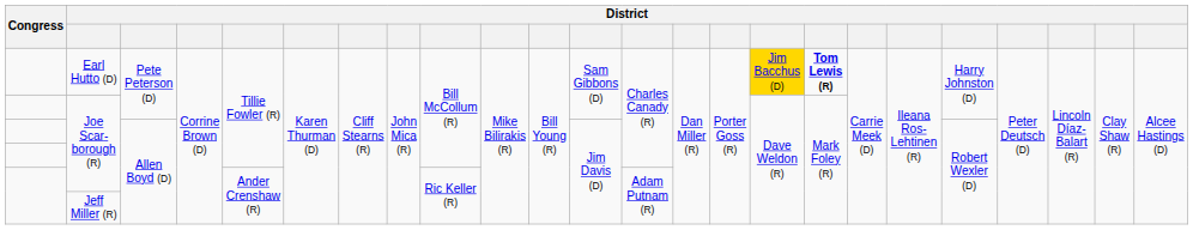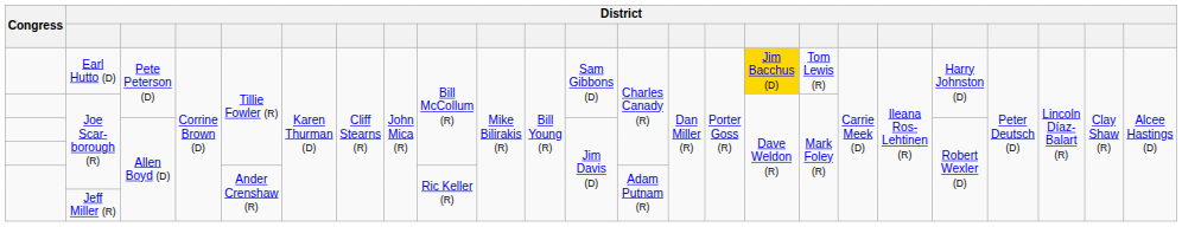 <table class=wikitable style="text-align:center">
 <tr>
 <th rowspan=2>Congress</th>
 <th colspan=23>District</th>
 </tr>
 <tr style="height:2em">
 <th></th>
 <th></th>
 <th></th>
 <th></th>
 <th></th>
 <th></th>
 <th></th>
 <th></th>
 <th></th>
 <th></th>
 <th></th>
 <th></th>
 <th></th>
 <th></th>
 <th></th>
 <th></th>
 <th></th>
 <th></th>
 <th></th>
 <th></th>
 <th></th>
 <th></th>
 <th></th>
 </tr>
 <tr style="height:2em">
 <td><strong></strong><br></td>
 <td><a href='#'>Earl<br>Hutto</a> <small>(D)</small></td>
 <td rowspan=2 ><a href='#'>Pete<br>Peterson</a> <small>(D)</small></td>
 <td rowspan=6 ><a href='#'>Corrine<br>Brown</a> <small>(D)</small></td>
 <td rowspan=4 ><a href='#'>Tillie<br>Fowler</a> <small>(R)</small></td>
 <td rowspan=6 ><a href='#'>Karen<br>Thurman</a> <small>(D)</small></td>
 <td rowspan=6 ><a href='#'>Cliff<br>Stearns</a> <small>(R)</small></td>
 <td rowspan=6 ><a href='#'>John<br>Mica</a> <small>(R)</small></td>
 <td rowspan=4 ><a href='#'>Bill<br>McCollum</a> <small>(R)</small></td>
 <td rowspan=6 ><a href='#'>Mike<br>Bilirakis</a> <small>(R)</small></td>
 <td rowspan=6 ><a href='#'>Bill<br>Young</a> <small>(R)</small></td>
 <td rowspan=2 ><a href='#'>Sam<br>Gibbons</a> <small>(D)</small></td>
 <td rowspan=4 ><a href='#'>Charles<br>Canady</a> <small>(R)</small></td>
 <td rowspan=6 ><a href='#'>Dan Miller</a> <small>(R)</small></td>
 <td rowspan=6 ><a href='#'>Porter<br>Goss</a> <small>(R)</small></td>
 <td style="background: gold;"><a href='#'>Jim Bacchus</a> <small>(D)</small></td>
-<td><strong><a href='#'>Tom Lewis</a> <small>(R)</small></strong></td>
+<td><a href='#'>Tom Lewis</a> <small>(R)</small></td>
 <td rowspan=6 ><a href='#'>Carrie<br>Meek</a> <small>(D)</small></td>
 <td rowspan=6 ><a href='#'>Ileana<br>Ros-Lehtinen</a> <small>(R)</small></td>
 <td rowspan=2 ><a href='#'>Harry<br>Johnston</a> <small>(D)</small></td>
 <td rowspan=6 ><a href='#'>Peter<br>Deutsch</a> <small>(D)</small></td>
 <td rowspan=6 ><a href='#'>Lincoln<br>Díaz-Balart</a> <small>(R)</small></td>
 <td rowspan=6 ><a href='#'>Clay Shaw</a> <small>(R)</small></td>
 <td rowspan=6 ><a href='#'>Alcee<br>Hastings</a> <small>(D)</small></td>
 </tr>
 <tr style="height:2em">
 <td><strong></strong><br></td>
 <td rowspan=4 ><a href='#'>Joe Scar­borough</a> <small>(R)</small></td>
 <td rowspan=5 ><a href='#'>Dave Weldon</a> <small>(R)</small></td>
 <td rowspan=5 ><a href='#'>Mark Foley</a> <small>(R)</small></td>
 </tr>
 <tr style="height:2em">
 <td><strong></strong><br></td>
 <td rowspan=4 ><a href='#'>Allen Boyd</a> <small>(D)</small></td>
 <td rowspan=4 ><a href='#'>Jim Davis</a> <small>(D)</small></td>
 <td rowspan=4 ><a href='#'>Robert<br>Wexler</a> <small>(D)</small></td>
 </tr>
 <tr style="height:2em">
 <td><strong></strong><br></td>
 </tr>
 <tr style="height:2em">
 <td rowspan=2><strong></strong><br></td>
 <td rowspan=2 ><a href='#'>Ander<br>Crenshaw</a> <small>(R)</small></td>
 <td rowspan=2 ><a href='#'>Ric Keller</a> <small>(R)</small></td>
 <td rowspan=2 ><a href='#'>Adam Putnam</a> <small>(R)</small></td>
 </tr>
 <tr style="height:2em">
 <td><a href='#'>Jeff Miller</a> <small>(R)</small></td>
 </tr>
 </table>
